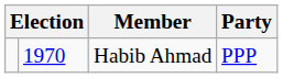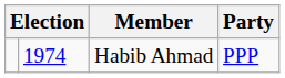 <table class="wikitable">
 <tr>
 <th colspan="2">Election</th>
 <th>Member</th>
 <th>Party</th>
 </tr>
 <tr>
 <td style="background-color: "></td>
-<td><a href='#'>1970</a></td>
+<td><a href='#'>1974</a></td>
 <td>Habib Ahmad</td>
 <td><a href='#'>PPP</a></td>
 </tr>
 </table>
